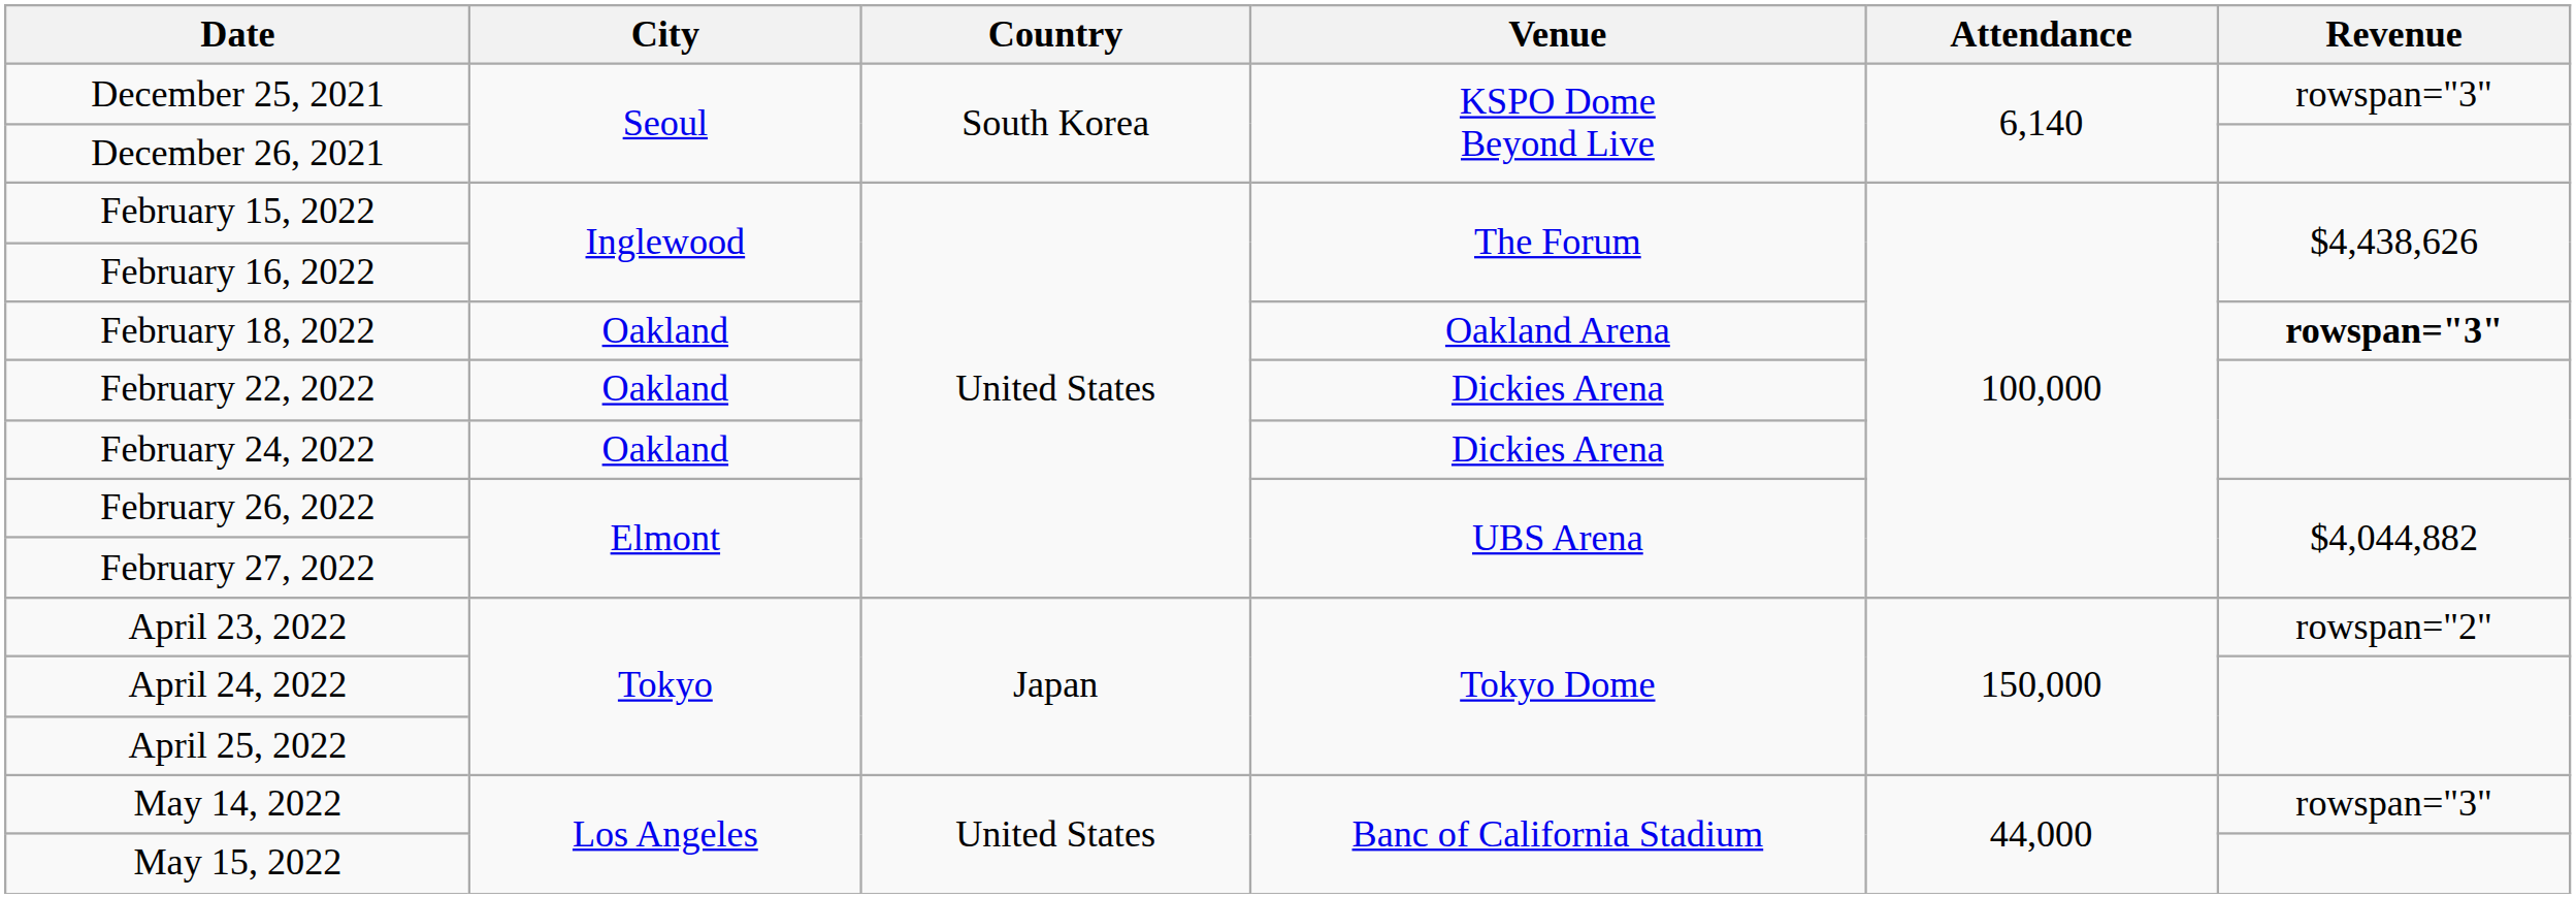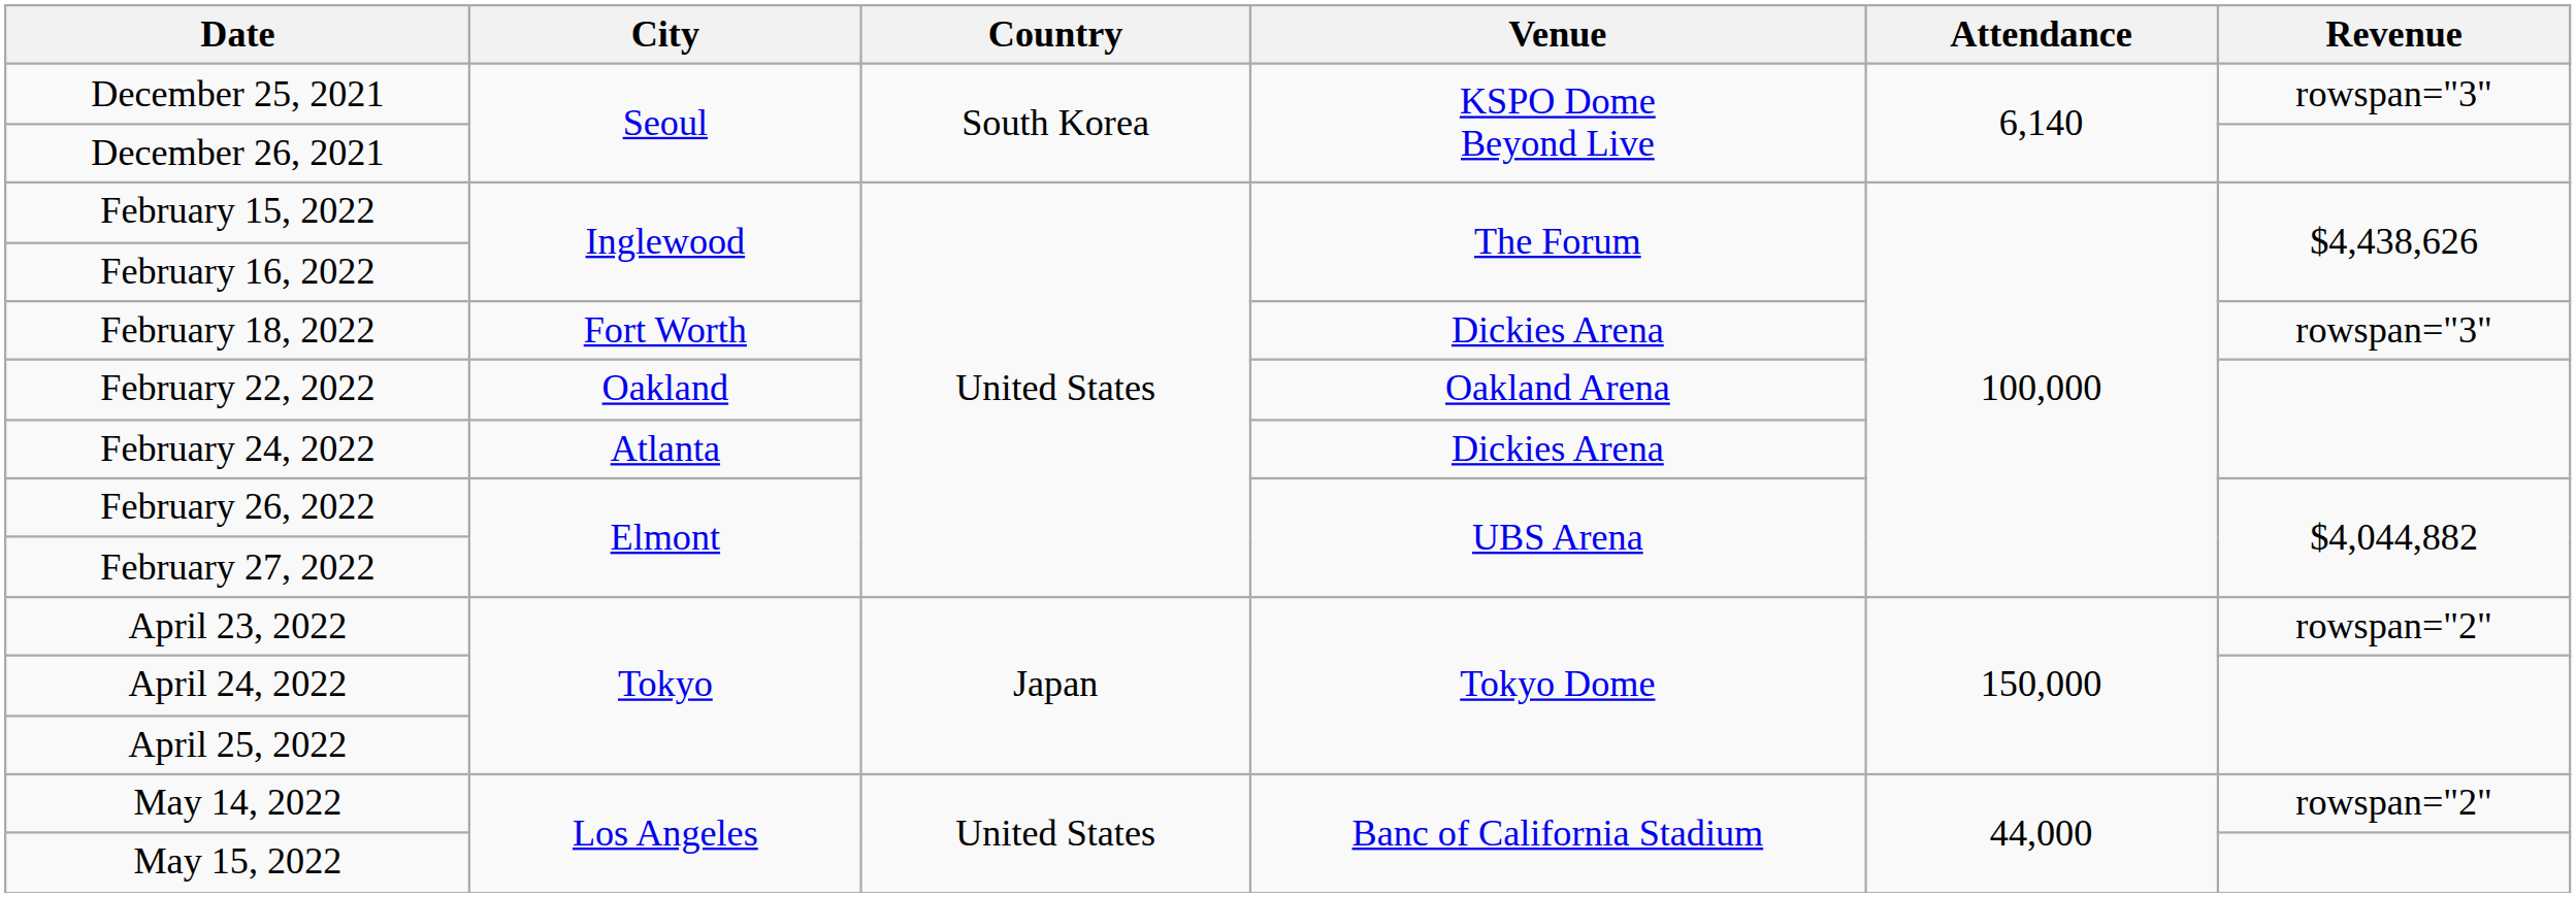 <table class="wikitable" style="text-align:center;">
 <tr>
 <th scope="col" style="width:12em;">Date</th>
 <th scope="col" style="width:10em;">City</th>
 <th scope="col" style="width:10em;">Country</th>
 <th scope="col" style="width:16em;">Venue</th>
 <th scope="col" style="width:9em;">Attendance</th>
 <th scope="col" style="width:9em;">Revenue</th>
 </tr>
 <tr>
 <td>December 25, 2021</td>
 <td rowspan="2"><a href='#'>Seoul</a></td>
 <td rowspan="2">South Korea</td>
 <td rowspan="2"><a href='#'>KSPO Dome</a><br><a href='#'>Beyond Live</a></td>
 <td rowspan="2">6,140</td>
 <td>rowspan="3" </td>
 </tr>
 <tr>
 <td>December 26, 2021</td>
 </tr>
 <tr>
 <td>February 15, 2022</td>
 <td rowspan="2"><a href='#'>Inglewood</a></td>
 <td rowspan="7">United States</td>
 <td rowspan="2"><a href='#'>The Forum</a></td>
 <td rowspan="7">100,000</td>
 <td rowspan="2">$4,438,626</td>
 </tr>
 <tr>
 <td>February 16, 2022</td>
 </tr>
 <tr>
 <td>February 18, 2022</td>
-<td><a href='#'>Oakland</a></td>
-<td><a href='#'>Oakland Arena</a></td>
-<td><strong>rowspan="3" </strong></td>
+<td><a href='#'>Fort Worth</a></td>
+<td><a href='#'>Dickies Arena</a></td>
+<td>rowspan="3" </td>
 </tr>
 <tr>
 <td>February 22, 2022</td>
 <td><a href='#'>Oakland</a></td>
-<td><a href='#'>Dickies Arena</a></td>
+<td><a href='#'>Oakland Arena</a></td>
 </tr>
 <tr>
 <td>February 24, 2022</td>
-<td><a href='#'>Oakland</a></td>
+<td><a href='#'>Atlanta</a></td>
 <td><a href='#'>Dickies Arena</a></td>
 </tr>
 <tr>
 <td>February 26, 2022</td>
 <td rowspan="2"><a href='#'>Elmont</a></td>
 <td rowspan="2"><a href='#'>UBS Arena</a></td>
 <td rowspan="2">$4,044,882</td>
 </tr>
 <tr>
 <td>February 27, 2022</td>
 </tr>
 <tr>
 <td>April 23, 2022</td>
 <td rowspan="3"><a href='#'>Tokyo</a></td>
 <td rowspan="3">Japan</td>
 <td rowspan="3"><a href='#'>Tokyo Dome</a></td>
 <td rowspan="3">150,000</td>
 <td>rowspan="2" </td>
 </tr>
 <tr>
 <td>April 24, 2022</td>
 </tr>
 <tr>
 <td>April 25, 2022</td>
 </tr>
 <tr>
 <td>May 14, 2022</td>
 <td rowspan="2"><a href='#'>Los Angeles</a></td>
 <td rowspan="2">United States</td>
 <td rowspan="2"><a href='#'>Banc of California Stadium</a></td>
 <td rowspan="2">44,000</td>
-<td>rowspan="3" </td>
+<td>rowspan="2" </td>
 </tr>
 <tr>
 <td>May 15, 2022</td>
 </tr>
 </table>
